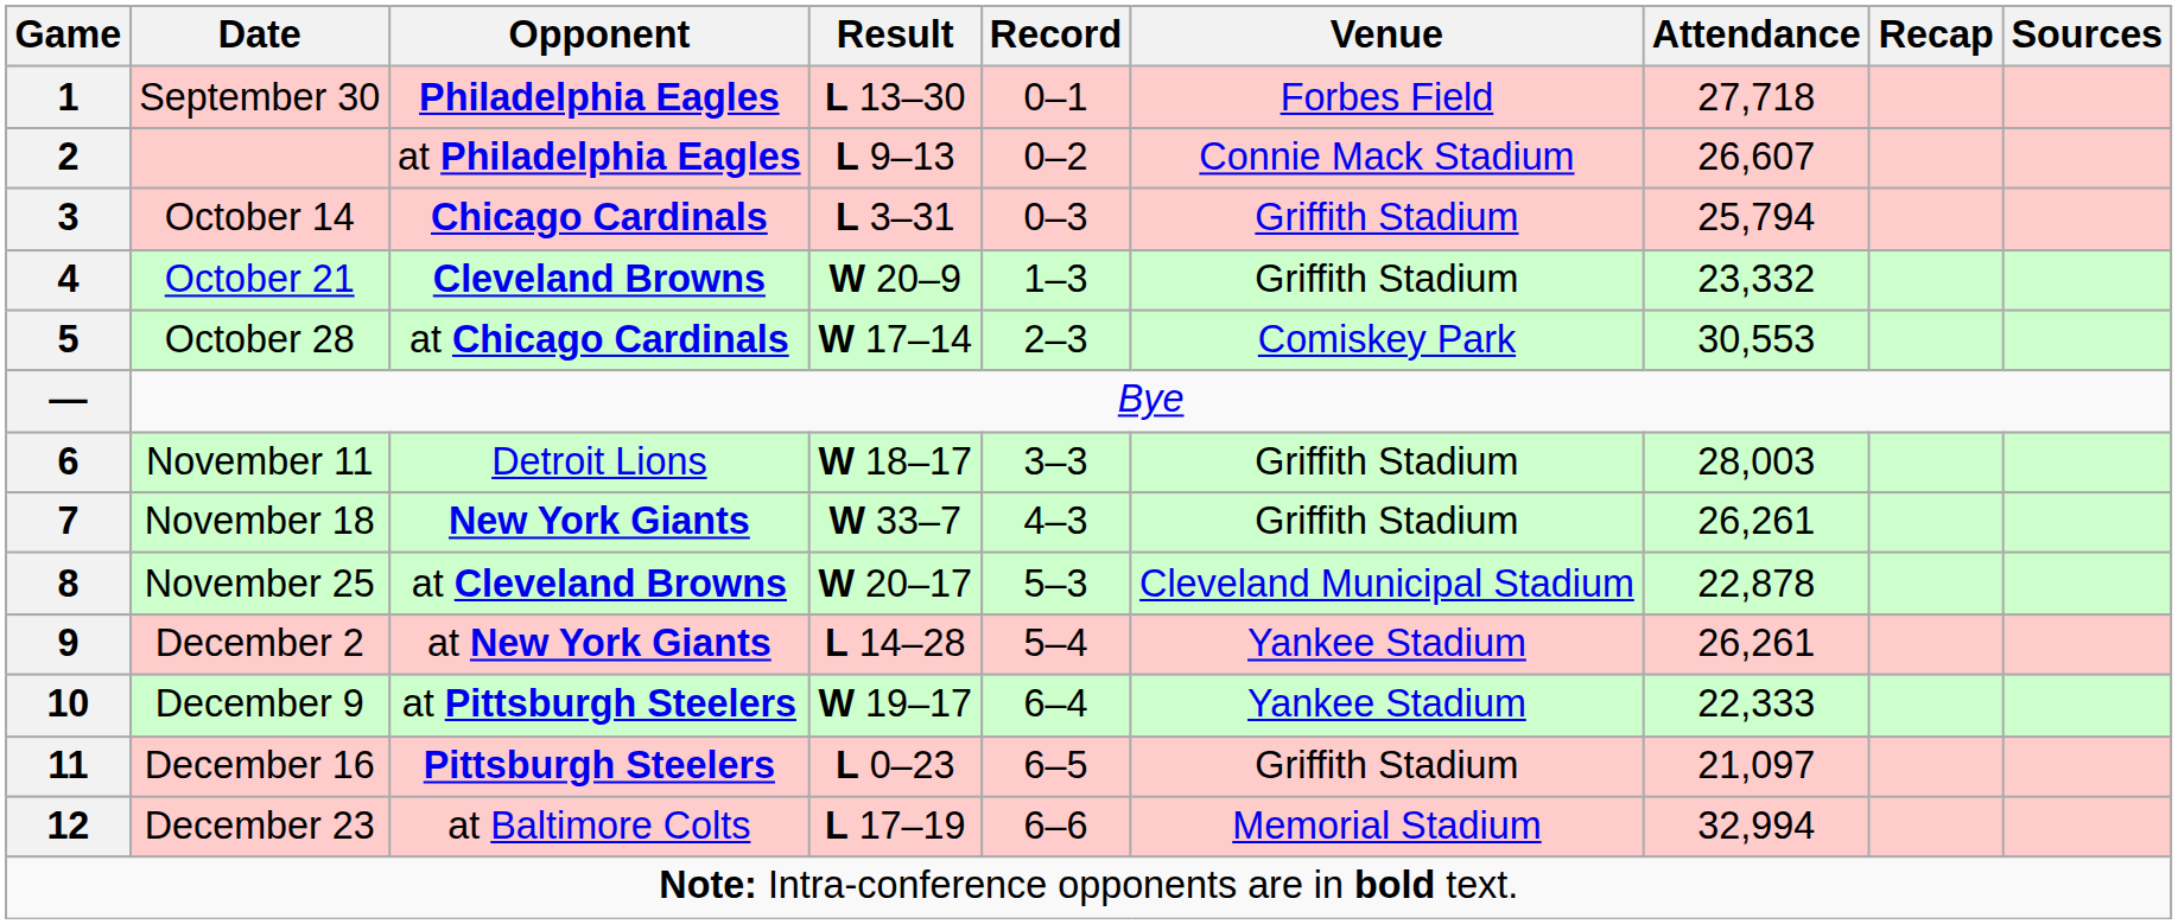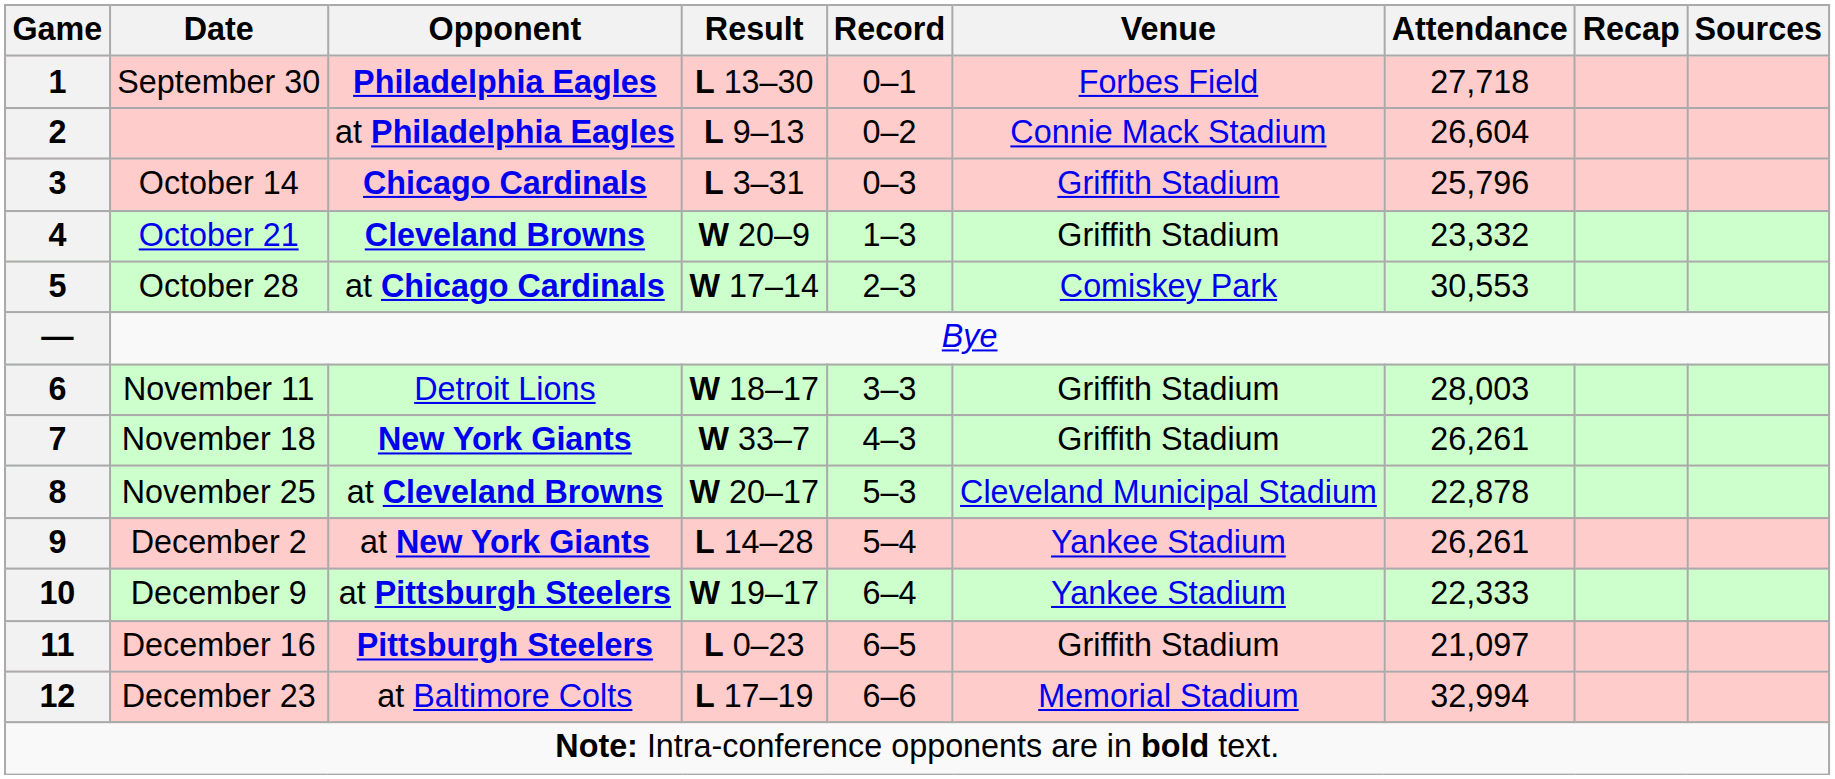 <table class="wikitable" style="text-align:center">
 <tr>
 <th>Game</th>
 <th>Date</th>
 <th>Opponent</th>
 <th>Result</th>
 <th>Record</th>
 <th>Venue</th>
 <th>Attendance</th>
 <th>Recap</th>
 <th>Sources</th>
 </tr>
 <tr style="background:#fcc">
 <th>1</th>
 <td>September 30</td>
 <td><strong><a href='#'>Philadelphia Eagles</a></strong></td>
 <td><strong>L</strong> 13–30</td>
 <td>0–1</td>
 <td><a href='#'>Forbes Field</a></td>
 <td>27,718</td>
 <td></td>
 <td></td>
 </tr>
 <tr style="background:#fcc">
 <th>2</th>
 <td></td>
 <td>at <strong><a href='#'>Philadelphia Eagles</a></strong></td>
 <td><strong>L</strong> 9–13</td>
 <td>0–2</td>
 <td><a href='#'>Connie Mack Stadium</a></td>
-<td>26,607</td>
+<td>26,604</td>
 <td></td>
 <td></td>
 </tr>
 <tr style="background:#fcc">
 <th>3</th>
 <td>October 14</td>
 <td><strong><a href='#'>Chicago Cardinals</a></strong></td>
 <td><strong>L</strong> 3–31</td>
 <td>0–3</td>
 <td><a href='#'>Griffith Stadium</a></td>
-<td>25,794</td>
+<td>25,796</td>
 <td></td>
 <td></td>
 </tr>
 <tr style="background:#cfc">
 <th>4</th>
 <td><a href='#'>October 21</a></td>
 <td><strong><a href='#'>Cleveland Browns</a></strong></td>
 <td><strong>W</strong> 20–9</td>
 <td>1–3</td>
 <td>Griffith Stadium</td>
 <td>23,332</td>
 <td></td>
 <td></td>
 </tr>
 <tr style="background:#cfc">
 <th>5</th>
 <td>October 28</td>
 <td>at <strong><a href='#'>Chicago Cardinals</a></strong></td>
 <td><strong>W</strong> 17–14</td>
 <td>2–3</td>
 <td><a href='#'>Comiskey Park</a></td>
 <td>30,553</td>
 <td></td>
 <td></td>
 </tr>
 <tr>
 <th>—</th>
 <td colspan="8"><em><a href='#'>Bye</a></em></td>
 </tr>
 <tr style="background:#cfc">
 <th>6</th>
 <td>November 11</td>
 <td><a href='#'>Detroit Lions</a></td>
 <td><strong>W</strong> 18–17</td>
 <td>3–3</td>
 <td>Griffith Stadium</td>
 <td>28,003</td>
 <td></td>
 <td></td>
 </tr>
 <tr style="background:#cfc">
 <th>7</th>
 <td>November 18</td>
 <td><strong><a href='#'>New York Giants</a></strong></td>
 <td><strong>W</strong> 33–7</td>
 <td>4–3</td>
 <td>Griffith Stadium</td>
 <td>26,261</td>
 <td></td>
 <td></td>
 </tr>
 <tr style="background:#cfc">
 <th>8</th>
 <td>November 25</td>
 <td>at <strong><a href='#'>Cleveland Browns</a></strong></td>
 <td><strong>W</strong> 20–17</td>
 <td>5–3</td>
 <td><a href='#'>Cleveland Municipal Stadium</a></td>
 <td>22,878</td>
 <td></td>
 <td></td>
 </tr>
 <tr style="background:#fcc">
 <th>9</th>
 <td>December 2</td>
 <td>at <strong><a href='#'>New York Giants</a></strong></td>
 <td><strong>L</strong> 14–28</td>
 <td>5–4</td>
 <td><a href='#'>Yankee Stadium</a></td>
 <td>26,261</td>
 <td></td>
 <td></td>
 </tr>
 <tr style="background:#cfc">
 <th>10</th>
 <td>December 9</td>
 <td>at <strong><a href='#'>Pittsburgh Steelers</a></strong></td>
 <td><strong>W</strong> 19–17</td>
 <td>6–4</td>
 <td><a href='#'>Yankee Stadium</a></td>
 <td>22,333</td>
 <td></td>
 <td></td>
 </tr>
 <tr style="background:#fcc">
 <th>11</th>
 <td>December 16</td>
 <td><strong><a href='#'>Pittsburgh Steelers</a></strong></td>
 <td><strong>L</strong> 0–23</td>
 <td>6–5</td>
 <td>Griffith Stadium</td>
 <td>21,097</td>
 <td></td>
 <td></td>
 </tr>
 <tr style="background:#fcc">
 <th>12</th>
 <td>December 23</td>
 <td>at <a href='#'>Baltimore Colts</a></td>
 <td><strong>L</strong> 17–19</td>
 <td>6–6</td>
 <td><a href='#'>Memorial Stadium</a></td>
 <td>32,994</td>
 <td></td>
 <td></td>
 </tr>
 <tr>
 <td colspan="10"><strong>Note:</strong> Intra-conference opponents are in <strong>bold</strong> text.</td>
 </tr>
 </table>
